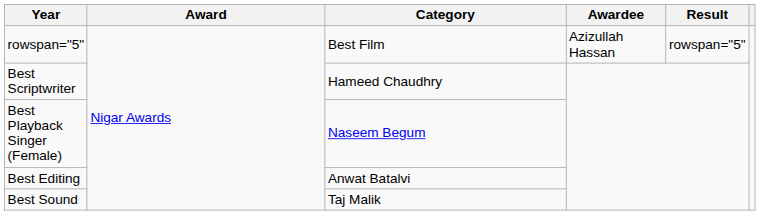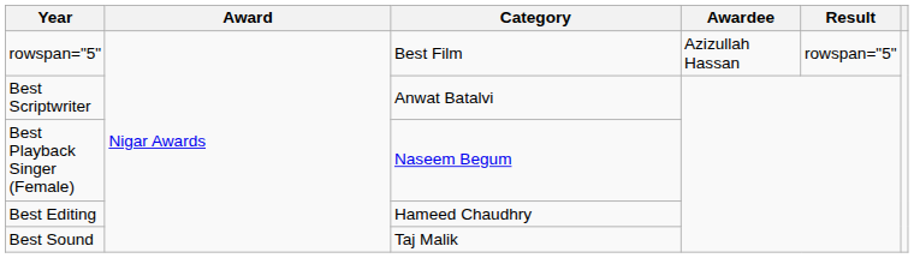 <table class="wikitable sortable" width=100%>
 <tr>
 <th width=5%>Year</th>
 <th style="width:40%;">Award</th>
 <th style="width:40%;">Category</th>
 <th style="width:40%;">Awardee</th>
 <th style="width:10%;">Result</th>
 <th width=5%></th>
 </tr>
 <tr>
 <td>rowspan="5"</td>
 <td rowspan="5"><a href='#'>Nigar Awards</a></td>
 <td>Best Film</td>
 <td>Azizullah Hassan</td>
 <td>rowspan="5"</td>
 <td rowspan="5"></td>
 </tr>
 <tr>
 <td>Best Scriptwriter</td>
-<td>Hameed Chaudhry</td>
+<td>Anwat Batalvi</td>
 </tr>
 <tr>
 <td>Best Playback Singer (Female)</td>
 <td><a href='#'>Naseem Begum</a></td>
 </tr>
 <tr>
 <td>Best Editing</td>
-<td>Anwat Batalvi</td>
+<td>Hameed Chaudhry</td>
 </tr>
 <tr>
 <td>Best Sound</td>
 <td>Taj Malik</td>
 </tr>
 </table>
